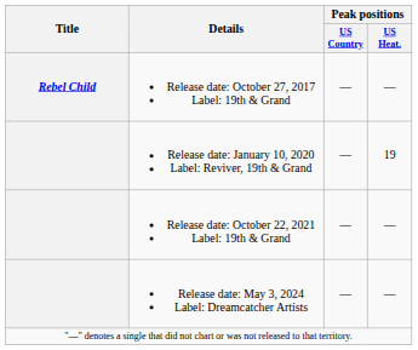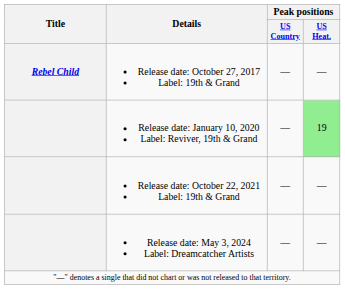 <table class="wikitable plainrowheaders" style="text-align:center;">
 <tr>
 <th scope="col" rowspan="2" style="width:10em;">Title</th>
 <th scope="col" rowspan="2" style="width:16em;">Details</th>
 <th scope="col" colspan="2">Peak positions</th>
 </tr>
 <tr style="font-size:smaller;">
 <th scope="col" style="width:4em;"><a href='#'>US<br>Country</a></th>
 <th scope="col" style="width:4em;"><a href='#'>US<br>Heat.</a><br></th>
 </tr>
 <tr>
 <th scope="row"><em><a href='#'>Rebel Child</a></em></th>
 <td><br><ul><li>Release date: October 27, 2017</li><li>Label: 19th & Grand</li></ul></td>
 <td>—</td>
 <td>—</td>
 </tr>
 <tr>
 <th scope="row"></th>
 <td><br><ul><li>Release date: January 10, 2020</li><li>Label: Reviver, 19th & Grand</li></ul></td>
 <td>—</td>
-<td>19</td>
+<td style="background: lightgreen;">19</td>
 </tr>
 <tr>
 <th scope="row"></th>
 <td><br><ul><li>Release date: October 22, 2021</li><li>Label: 19th & Grand</li></ul></td>
 <td>—</td>
 <td>—</td>
 </tr>
 <tr>
 <th scope="row"></th>
 <td><br><ul><li>Release date: May 3, 2024</li><li>Label: Dreamcatcher Artists</li></ul></td>
 <td>—</td>
 <td>—</td>
 </tr>
 <tr>
 <td colspan="8" style="font-size:small;">"—" denotes a single that did not chart or was not released to that territory.</td>
 </tr>
 </table>
